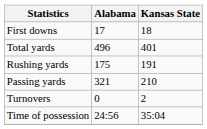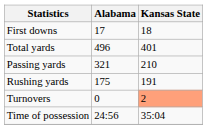 <table class="wikitable" style="float: left;">
 <tr>
 <th>Statistics</th>
 <th>Alabama</th>
 <th>Kansas State</th>
 </tr>
 <tr>
 <td>First downs</td>
 <td>17</td>
 <td>18</td>
 </tr>
 <tr>
 <td>Total yards</td>
 <td>496</td>
 <td>401</td>
 </tr>
 <tr>
+<td>Passing yards</td>
+<td>321</td>
+<td>210</td>
+</tr>
+<tr>
 <td>Rushing yards</td>
 <td>175</td>
 <td>191</td>
 </tr>
 <tr>
-<td>Passing yards</td>
-<td>321</td>
-<td>210</td>
-</tr>
-<tr>
 <td>Turnovers</td>
 <td>0</td>
-<td>2</td>
+<td style="background: lightsalmon;">2</td>
 </tr>
 <tr>
 <td>Time of possession</td>
 <td>24:56</td>
 <td>35:04</td>
 </tr>
 <tr>
 </tr>
 </table>
